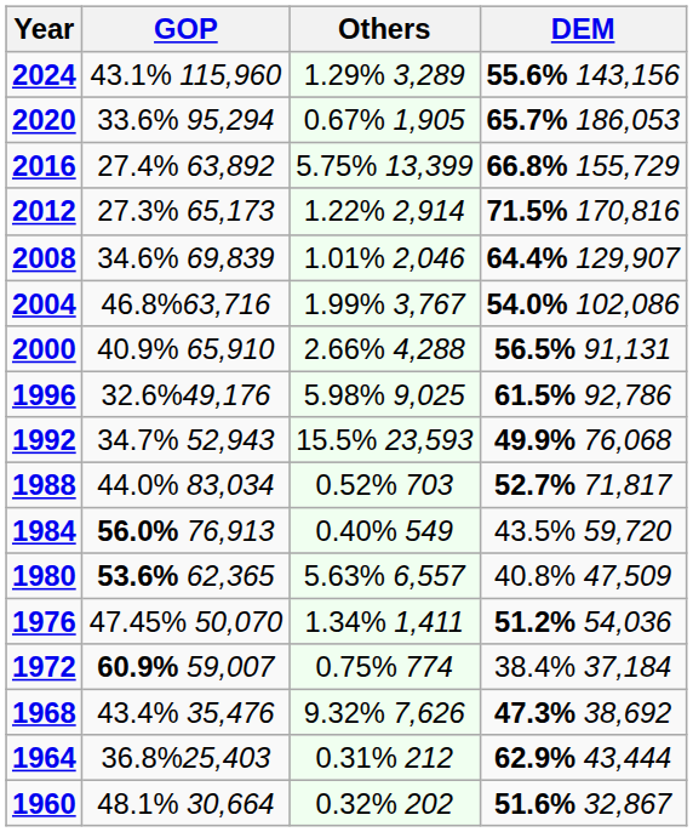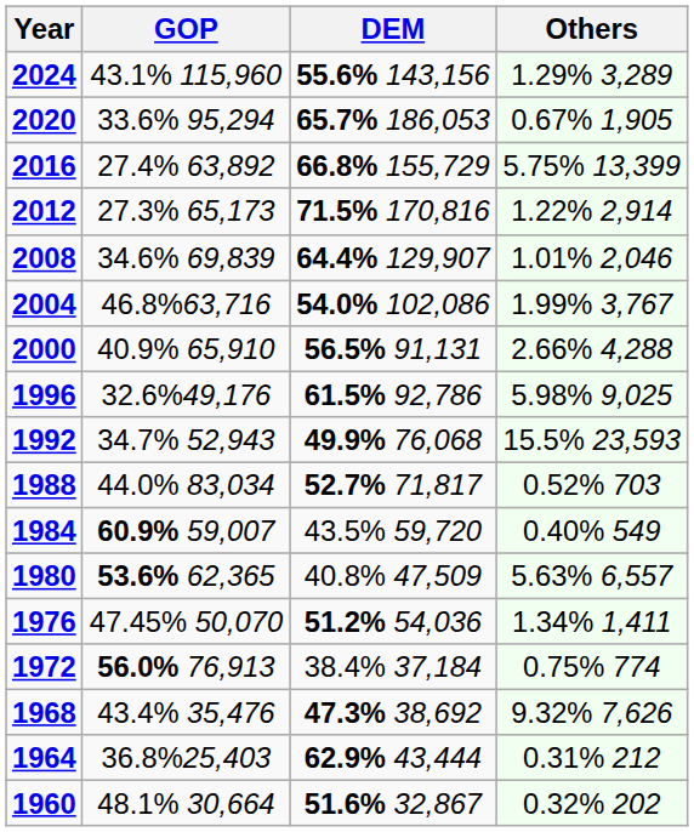 <table class="wikitable" class="toccolours" style="float:right; margin-left:1em; font-size:95%;">
 <tr>
 <th>Year</th>
 <th><a href='#'>GOP</a></th>
+<th><a href='#'>DEM</a></th>
 <th>Others</th>
-<th><a href='#'>DEM</a></th>
 </tr>
 <tr>
 <td style="text-align:center; "><strong><a href='#'>2024</a></strong></td>
 <td style="text-align:center; ">43.1% <em>115,960</em></td>
+<td style="text-align:center; "><strong>55.6%</strong> <em>143,156</em></td>
 <td style="text-align:center; background:honeyDew;">1.29% <em>3,289</em></td>
-<td style="text-align:center; "><strong>55.6%</strong> <em>143,156</em></td>
 </tr>
 <tr>
 <td style="text-align:center; "><strong><a href='#'>2020</a></strong></td>
 <td style="text-align:center; ">33.6% <em>95,294</em></td>
+<td style="text-align:center; "><strong>65.7%</strong> <em>186,053</em></td>
 <td style="text-align:center; background:honeyDew;">0.67% <em>1,905</em></td>
-<td style="text-align:center; "><strong>65.7%</strong> <em>186,053</em></td>
 </tr>
 <tr>
 <td style="text-align:center; "><strong><a href='#'>2016</a></strong></td>
 <td style="text-align:center; ">27.4% <em>63,892</em></td>
+<td style="text-align:center; "><strong>66.8%</strong> <em>155,729</em></td>
 <td style="text-align:center; background:honeyDew;">5.75% <em>13,399</em></td>
-<td style="text-align:center; "><strong>66.8%</strong> <em>155,729</em></td>
 </tr>
 <tr>
 <td style="text-align:center; "><strong><a href='#'>2012</a></strong></td>
 <td style="text-align:center; ">27.3% <em>65,173</em></td>
+<td style="text-align:center; "><strong>71.5%</strong> <em>170,816</em></td>
 <td style="text-align:center; background:honeyDew;">1.22% <em>2,914</em></td>
-<td style="text-align:center; "><strong>71.5%</strong> <em>170,816</em></td>
 </tr>
 <tr>
 <td style="text-align:center; "><strong><a href='#'>2008</a></strong></td>
 <td style="text-align:center; ">34.6% <em>69,839</em></td>
+<td style="text-align:center; "><strong>64.4%</strong> <em>129,907</em></td>
 <td style="text-align:center; background:honeyDew;">1.01% <em>2,046</em></td>
-<td style="text-align:center; "><strong>64.4%</strong> <em>129,907</em></td>
 </tr>
 <tr>
 <td style="text-align:center; "><strong><a href='#'>2004</a></strong></td>
 <td style="text-align:center; ">46.8%<em>63,716</em></td>
+<td style="text-align:center; "><strong>54.0%</strong> <em>102,086</em></td>
 <td style="text-align:center; background:honeyDew;">1.99% <em>3,767</em></td>
-<td style="text-align:center; "><strong>54.0%</strong> <em>102,086</em></td>
 </tr>
 <tr>
 <td style="text-align:center; "><strong><a href='#'>2000</a></strong></td>
 <td style="text-align:center; ">40.9% <em>65,910</em></td>
+<td style="text-align:center; "><strong>56.5%</strong> <em>91,131</em></td>
 <td style="text-align:center; background:honeyDew;">2.66% <em>4,288</em></td>
-<td style="text-align:center; "><strong>56.5%</strong> <em>91,131</em></td>
 </tr>
 <tr>
 <td style="text-align:center; "><strong><a href='#'>1996</a></strong></td>
 <td style="text-align:center; ">32.6%<em>49,176</em></td>
+<td style="text-align:center; "><strong>61.5%</strong> <em>92,786</em></td>
 <td style="text-align:center; background:honeyDew;">5.98% <em>9,025</em></td>
-<td style="text-align:center; "><strong>61.5%</strong> <em>92,786</em></td>
 </tr>
 <tr>
 <td style="text-align:center; "><strong><a href='#'>1992</a></strong></td>
 <td style="text-align:center; ">34.7% <em>52,943</em></td>
+<td style="text-align:center; "><strong>49.9%</strong> <em>76,068</em></td>
 <td style="text-align:center; background:honeyDew;">15.5% <em>23,593</em></td>
-<td style="text-align:center; "><strong>49.9%</strong> <em>76,068</em></td>
 </tr>
 <tr>
 <td style="text-align:center; "><strong><a href='#'>1988</a></strong></td>
 <td style="text-align:center; ">44.0% <em>83,034</em></td>
+<td style="text-align:center; "><strong>52.7%</strong> <em>71,817</em></td>
 <td style="text-align:center; background:honeyDew;">0.52% <em>703</em></td>
-<td style="text-align:center; "><strong>52.7%</strong> <em>71,817</em></td>
 </tr>
 <tr>
 <td style="text-align:center; "><strong><a href='#'>1984</a></strong></td>
-<td style="text-align:center; "><strong>56.0%</strong> <em>76,913</em></td>
+<td style="text-align:center; "><strong>60.9%</strong> <em>59,007</em></td>
+<td style="text-align:center; ">43.5% <em>59,720</em></td>
 <td style="text-align:center; background:honeyDew;">0.40% <em>549</em></td>
-<td style="text-align:center; ">43.5% <em>59,720</em></td>
 </tr>
 <tr>
 <td style="text-align:center; "><strong><a href='#'>1980</a></strong></td>
 <td style="text-align:center; "><strong>53.6%</strong> <em>62,365</em></td>
+<td style="text-align:center; ">40.8% <em>47,509</em></td>
 <td style="text-align:center; background:honeyDew;">5.63% <em>6,557</em></td>
-<td style="text-align:center; ">40.8% <em>47,509</em></td>
 </tr>
 <tr>
 <td style="text-align:center; "><strong><a href='#'>1976</a></strong></td>
 <td style="text-align:center; ">47.45% <em>50,070</em></td>
+<td style="text-align:center; "><strong>51.2%</strong> <em>54,036</em></td>
 <td style="text-align:center; background:honeyDew;">1.34% <em>1,411</em></td>
-<td style="text-align:center; "><strong>51.2%</strong> <em>54,036</em></td>
 </tr>
 <tr>
 <td style="text-align:center; "><strong><a href='#'>1972</a></strong></td>
-<td style="text-align:center; "><strong>60.9%</strong> <em>59,007</em></td>
+<td style="text-align:center; "><strong>56.0%</strong> <em>76,913</em></td>
+<td style="text-align:center; ">38.4% <em>37,184</em></td>
 <td style="text-align:center; background:honeyDew;">0.75% <em>774</em></td>
-<td style="text-align:center; ">38.4% <em>37,184</em></td>
 </tr>
 <tr>
 <td style="text-align:center; "><strong><a href='#'>1968</a></strong></td>
 <td style="text-align:center; ">43.4% <em>35,476</em></td>
+<td style="text-align:center; "><strong>47.3%</strong> <em>38,692</em></td>
 <td style="text-align:center; background:honeyDew;">9.32% <em>7,626</em></td>
-<td style="text-align:center; "><strong>47.3%</strong> <em>38,692</em></td>
 </tr>
 <tr>
 <td style="text-align:center; "><strong><a href='#'>1964</a></strong></td>
 <td style="text-align:center; ">36.8%<em>25,403</em></td>
+<td style="text-align:center; "><strong>62.9%</strong> <em>43,444</em></td>
 <td style="text-align:center; background:honeyDew;">0.31% <em>212</em></td>
-<td style="text-align:center; "><strong>62.9%</strong> <em>43,444</em></td>
 </tr>
 <tr>
 <td style="text-align:center; "><strong><a href='#'>1960</a></strong></td>
 <td style="text-align:center; ">48.1% <em>30,664</em></td>
+<td style="text-align:center; "><strong>51.6%</strong> <em>32,867</em></td>
 <td style="text-align:center; background:honeyDew;">0.32% <em>202</em></td>
-<td style="text-align:center; "><strong>51.6%</strong> <em>32,867</em></td>
 </tr>
 </table>
